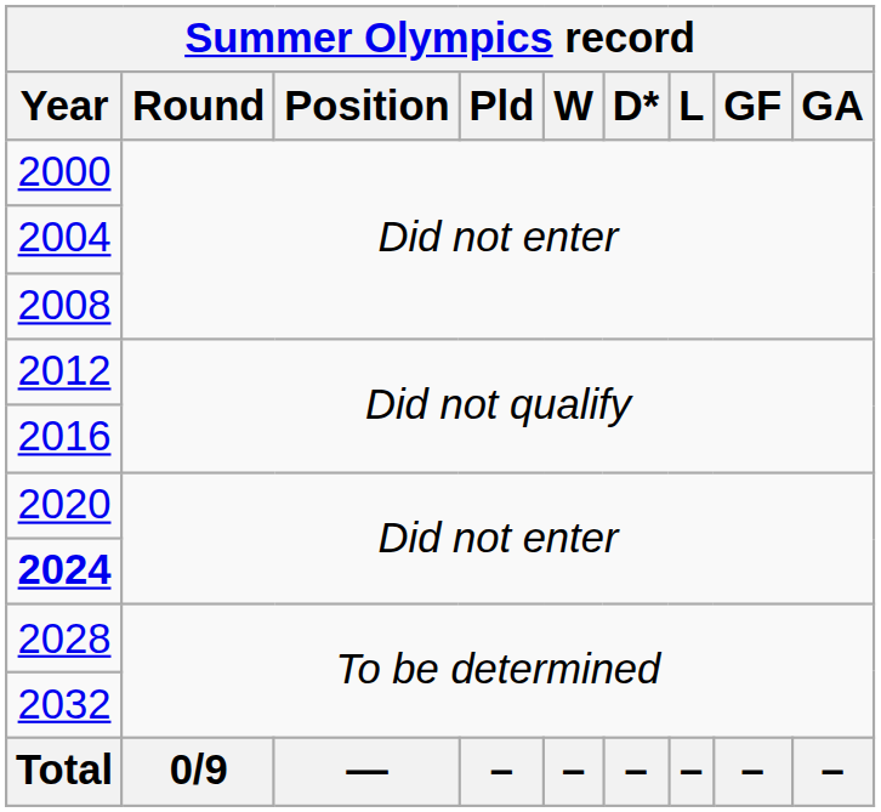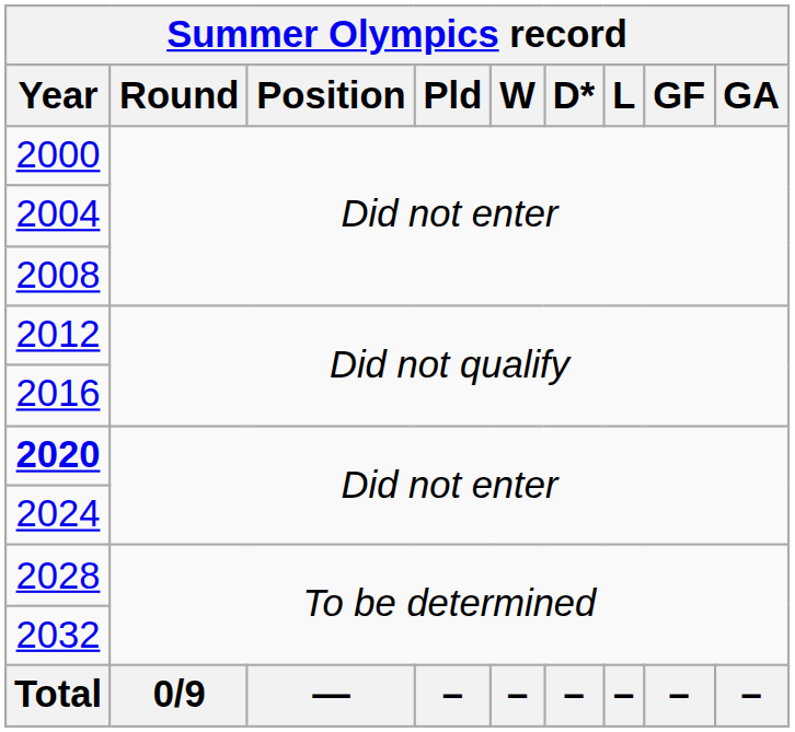 <table class="wikitable" style="text-align: center;">
 <tr>
 <th colspan=22><a href='#'>Summer Olympics</a> record</th>
 </tr>
 <tr>
 <th>Year</th>
 <th>Round</th>
 <th>Position</th>
 <th>Pld</th>
 <th>W</th>
 <th>D*</th>
 <th>L</th>
 <th>GF</th>
 <th>GA</th>
 </tr>
 <tr>
 <td> <a href='#'>2000</a></td>
 <td colspan=8 rowspan=3><em>Did not enter</em></td>
 </tr>
 <tr>
 <td> <a href='#'>2004</a></td>
 </tr>
 <tr>
 <td> <a href='#'>2008</a></td>
 </tr>
 <tr>
 <td> <a href='#'>2012</a></td>
 <td colspan=8 rowspan=2><em>Did not qualify</em></td>
 </tr>
 <tr>
 <td> <a href='#'>2016</a></td>
 </tr>
 <tr>
-<td> <a href='#'>2020</a></td>
+<td><strong> <a href='#'>2020</a></strong></td>
 <td colspan=8 rowspan=2><em>Did not enter</em></td>
 </tr>
 <tr>
-<td><strong> <a href='#'>2024</a></strong></td>
+<td> <a href='#'>2024</a></td>
 </tr>
 <tr>
 <td> <a href='#'>2028</a></td>
 <td colspan=8 rowspan=2><em>To be determined</em></td>
 </tr>
 <tr>
 <td> <a href='#'>2032</a></td>
 </tr>
 <tr>
 <th>Total</th>
 <th>0/9</th>
 <th>—</th>
 <th>–</th>
 <th>–</th>
 <th>–</th>
 <th>–</th>
 <th>–</th>
 <th>–</th>
 </tr>
 </table>
